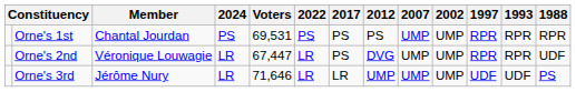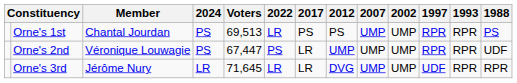 <table class="wikitable sortable">
 <tr>
 <th colspan="2">Constituency</th>
 <th>Member</th>
 <th>2024</th>
 <th>Voters</th>
 <th>2022</th>
 <th>2017</th>
 <th>2012</th>
 <th>2007</th>
 <th>2002</th>
 <th>1997</th>
 <th>1993</th>
 <th>1988</th>
 </tr>
 <tr>
 <td style="background-color: "></td>
 <td><a href='#'>Orne's 1st</a></td>
 <td><a href='#'>Chantal Jourdan</a></td>
 <td><a href='#'>PS</a></td>
-<td>69,531</td>
-<td><a href='#'>PS</a></td>
+<td>69,513</td>
+<td><a href='#'>LR</a></td>
 <td>PS</td>
 <td>PS</td>
 <td><a href='#'>UMP</a></td>
 <td>UMP</td>
 <td><a href='#'>RPR</a></td>
 <td>RPR</td>
-<td>RPR</td>
+<td><a href='#'>PS</a></td>
 </tr>
 <tr>
 <td style="background-color: "></td>
 <td><a href='#'>Orne's 2nd</a></td>
 <td><a href='#'>Véronique Louwagie</a></td>
-<td><a href='#'>LR</a></td>
+<td><a href='#'>PS</a></td>
 <td>67,447</td>
-<td><a href='#'>LR</a></td>
-<td>PS</td>
-<td><a href='#'>DVG</a></td>
+<td><a href='#'>PS</a></td>
+<td>LR</td>
+<td><a href='#'>UMP</a></td>
 <td>UMP</td>
 <td>UMP</td>
 <td><a href='#'>RPR</a></td>
 <td>RPR</td>
 <td>UDF</td>
 </tr>
 <tr>
 <td style="background-color: "></td>
 <td><a href='#'>Orne's 3rd</a></td>
 <td><a href='#'>Jérôme Nury</a></td>
 <td><a href='#'>LR</a></td>
-<td>71,646</td>
+<td>71,645</td>
 <td><a href='#'>LR</a></td>
 <td>LR</td>
-<td><a href='#'>UMP</a></td>
+<td><a href='#'>DVG</a></td>
 <td><a href='#'>UMP</a></td>
 <td>UMP</td>
 <td><a href='#'>UDF</a></td>
-<td>UDF</td>
-<td><a href='#'>PS</a></td>
+<td>RPR</td>
+<td>RPR</td>
 </tr>
 </table>
